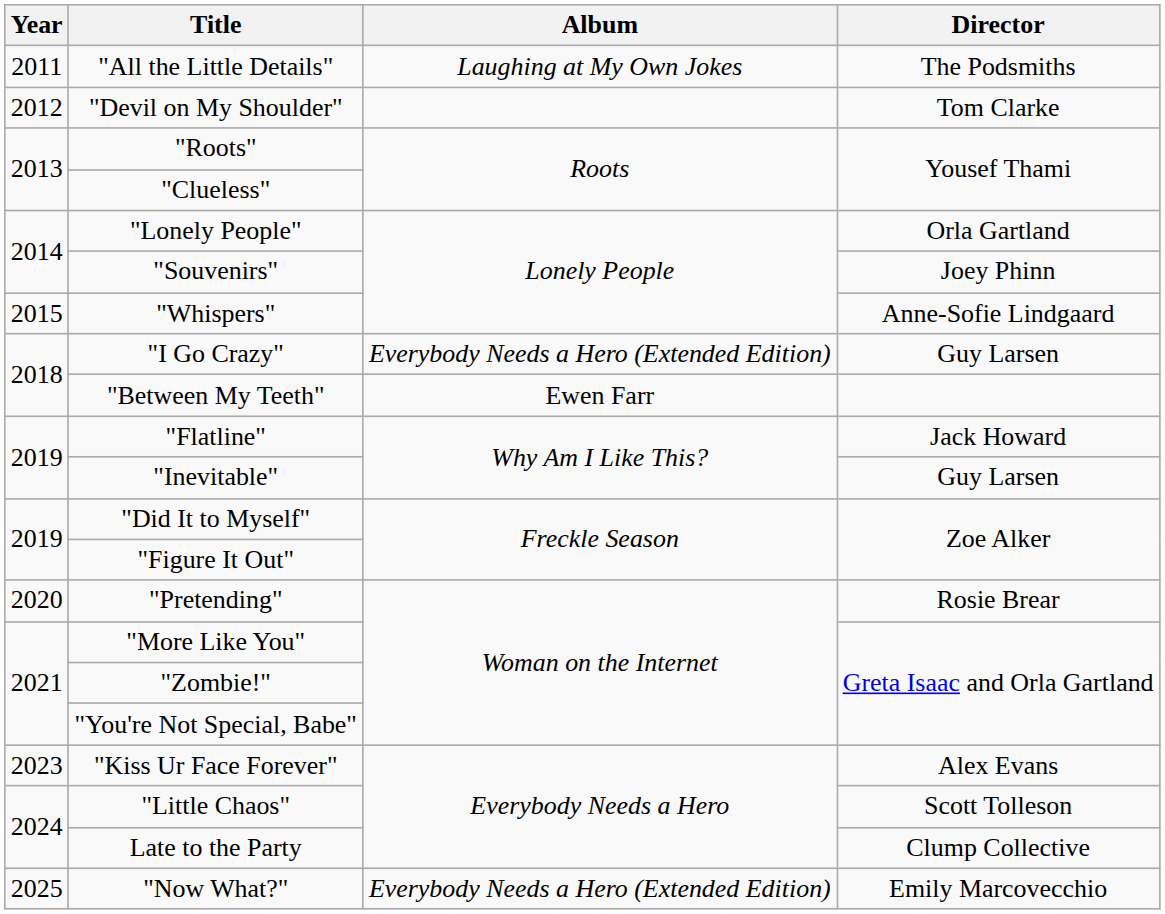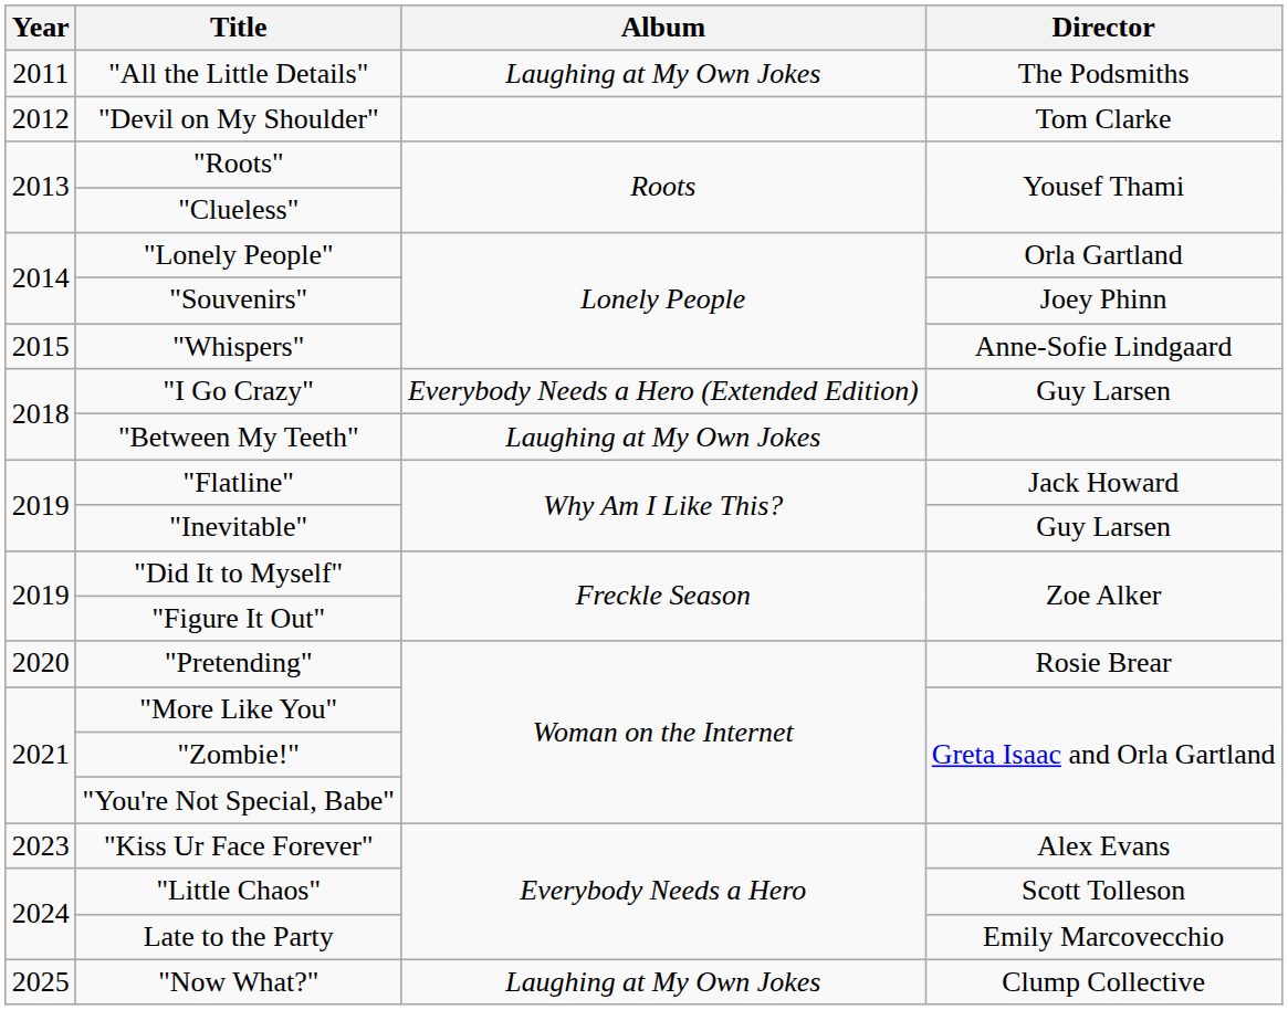 <table class="wikitable" style="text-align:center;">
 <tr>
 <th>Year</th>
 <th>Title</th>
 <th>Album</th>
 <th>Director</th>
 </tr>
 <tr>
 <td>2011</td>
 <td>"All the Little Details"</td>
 <td><em>Laughing at My Own Jokes</em></td>
 <td>The Podsmiths</td>
 </tr>
 <tr>
 <td>2012</td>
 <td>"Devil on My Shoulder"</td>
 <td></td>
 <td>Tom Clarke</td>
 </tr>
 <tr>
 <td rowspan="2">2013</td>
 <td>"Roots"</td>
 <td rowspan="2"><em>Roots</em></td>
 <td rowspan="2">Yousef Thami</td>
 </tr>
 <tr>
 <td>"Clueless"</td>
 </tr>
 <tr>
 <td rowspan="2">2014</td>
 <td>"Lonely People"</td>
 <td rowspan="3"><em>Lonely People</em></td>
 <td>Orla Gartland</td>
 </tr>
 <tr>
 <td>"Souvenirs"</td>
 <td>Joey Phinn</td>
 </tr>
 <tr>
 <td>2015</td>
 <td>"Whispers"</td>
 <td>Anne-Sofie Lindgaard</td>
 </tr>
 <tr>
 <td rowspan="2">2018</td>
 <td>"I Go Crazy"</td>
 <td><em>Everybody Needs a Hero (Extended Edition)</em></td>
 <td>Guy Larsen</td>
 </tr>
 <tr>
 <td>"Between My Teeth"</td>
-<td>Ewen Farr</td>
+<td><em>Laughing at My Own Jokes</em></td>
 </tr>
 <tr>
 <td rowspan="2">2019</td>
 <td>"Flatline"</td>
 <td rowspan="2"><em>Why Am I Like This?</em></td>
 <td>Jack Howard</td>
 </tr>
 <tr>
 <td>"Inevitable"</td>
 <td>Guy Larsen</td>
 </tr>
 <tr>
 <td rowspan="2">2019</td>
 <td>"Did It to Myself"</td>
 <td rowspan="2"><em>Freckle Season</em></td>
 <td rowspan="2">Zoe Alker</td>
 </tr>
 <tr>
 <td>"Figure It Out"</td>
 </tr>
 <tr>
 <td>2020</td>
 <td>"Pretending"</td>
 <td rowspan="4"><em>Woman on the Internet</em></td>
 <td>Rosie Brear</td>
 </tr>
 <tr>
 <td rowspan="3">2021</td>
 <td>"More Like You"</td>
 <td rowspan="3"><a href='#'>Greta Isaac</a> and Orla Gartland</td>
 </tr>
 <tr>
 <td>"Zombie!"</td>
 </tr>
 <tr>
 <td>"You're Not Special, Babe"</td>
 </tr>
 <tr>
 <td>2023</td>
 <td>"Kiss Ur Face Forever"</td>
 <td rowspan="3"><em>Everybody Needs a Hero</em></td>
 <td>Alex Evans</td>
 </tr>
 <tr>
 <td rowspan="2">2024</td>
 <td>"Little Chaos"</td>
 <td>Scott Tolleson</td>
 </tr>
 <tr>
 <td>Late to the Party</td>
-<td>Clump Collective</td>
+<td>Emily Marcovecchio</td>
 </tr>
 <tr>
 <td>2025</td>
 <td>"Now What?"</td>
-<td><em>Everybody Needs a Hero (Extended Edition)</em></td>
-<td>Emily Marcovecchio</td>
+<td><em>Laughing at My Own Jokes</em></td>
+<td>Clump Collective</td>
 </tr>
 </table>
